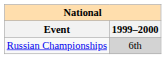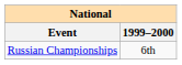 <table class="wikitable" style="text-align:center">
 <tr>
 <th style="background-color: #ffdead; " colspan=2 align=center>National</th>
 </tr>
 <tr>
 <th>Event</th>
 <th>1999–2000</th>
 </tr>
 <tr>
 <td align=left><a href='#'>Russian Championships</a></td>
-<td style="background: lightgrey;">6th</td>
+<td>6th</td>
 </tr>
 </table>
